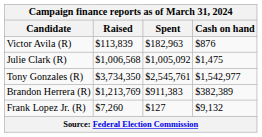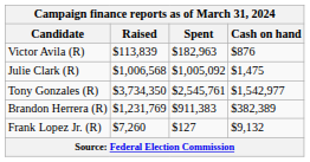 <table class="wikitable sortable">
 <tr>
 <th colspan=4>Campaign finance reports as of March 31, 2024</th>
 </tr>
 <tr style="text-align:center;">
 <th>Candidate</th>
 <th>Raised</th>
 <th>Spent</th>
 <th>Cash on hand</th>
 </tr>
 <tr>
 <td style="background-color:">Victor Avila (R)</td>
 <td>$113,839</td>
 <td>$182,963</td>
 <td>$876</td>
 </tr>
 <tr>
 <td style="background-color:">Julie Clark (R)</td>
 <td>$1,006,568</td>
 <td>$1,005,092</td>
 <td>$1,475</td>
 </tr>
 <tr>
 <td style="background-color:">Tony Gonzales (R)</td>
 <td>$3,734,350</td>
 <td>$2,545,761</td>
 <td>$1,542,977</td>
 </tr>
 <tr>
 <td style="background-color:">Brandon Herrera (R)</td>
-<td>$1,213,769</td>
+<td>$1,231,769</td>
 <td>$911,383</td>
 <td>$382,389</td>
 </tr>
 <tr>
 <td style="background-color:">Frank Lopez Jr. (R)</td>
 <td>$7,260</td>
 <td>$127</td>
 <td>$9,132</td>
 </tr>
 <tr>
 <th colspan="4"><small>Source: <a href='#'>Federal Election Commission</a></small></th>
 </tr>
 </table>
